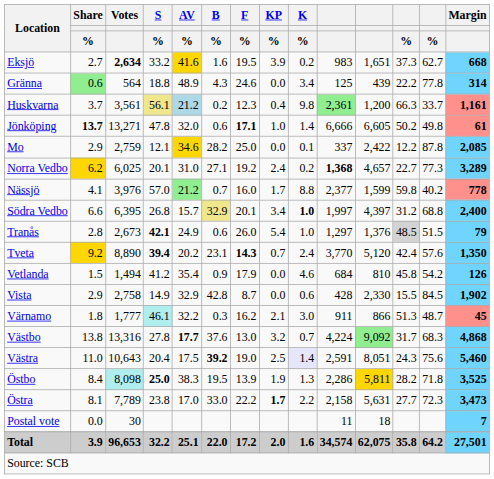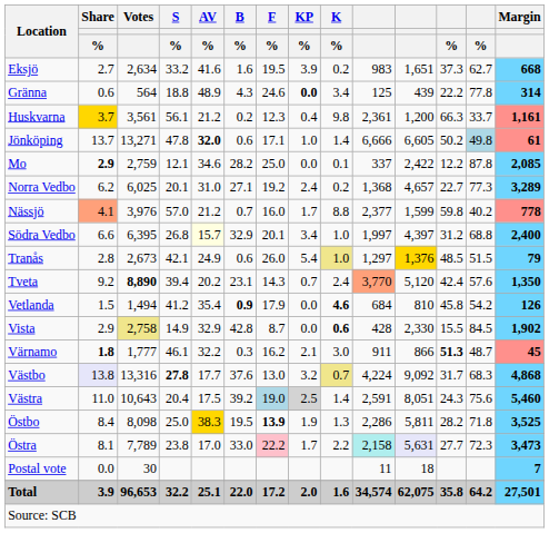 <table class="wikitable sortable" style="text-align:right; font-size:95%; line-height:20px;">
 <tr>
 <th rowspan="3">Location</th>
 <th>Share</th>
 <th>Votes</th>
 <th width="30px" class="unsortable"><a href='#'>S</a></th>
 <th width="30px" class="unsortable"><a href='#'>AV</a></th>
 <th width="30px" class="unsortable"><a href='#'>B</a></th>
 <th width="30px" class="unsortable"><a href='#'>F</a></th>
 <th width="30px" class="unsortable"><a href='#'>KP</a></th>
 <th width="30px" class="unsortable"><a href='#'>K</a></th>
 <th></th>
 <th></th>
 <th></th>
 <th></th>
 <th>Margin</th>
 </tr>
 <tr>
 <th></th>
 <th></th>
 <th style="background:"></th>
 <th style="background:"></th>
 <th style="background:"></th>
 <th style="background:"></th>
 <th style="background:"></th>
 <th style="background:"></th>
 <th style="background:"></th>
 <th style="background:"></th>
 <th style="background:"></th>
 <th style="background:"></th>
 <th></th>
 </tr>
 <tr>
 <th data-sort-type="number">%</th>
 <th></th>
 <th data-sort-type="number">%</th>
 <th data-sort-type="number">%</th>
 <th data-sort-type="number">%</th>
 <th data-sort-type="number">%</th>
 <th data-sort-type="number">%</th>
 <th data-sort-type="number">%</th>
 <th></th>
 <th></th>
 <th data-sort-type="number">%</th>
 <th data-sort-type="number">%</th>
 <th></th>
 </tr>
 <tr>
 <td align=left><a href='#'>Eksjö</a></td>
 <td>2.7</td>
-<td><strong>2,634</strong></td>
+<td>2,634</td>
 <td>33.2</td>
-<td style="background: gold;">41.6</td>
+<td>41.6</td>
 <td>1.6</td>
 <td>19.5</td>
 <td>3.9</td>
 <td>0.2</td>
 <td>983</td>
 <td>1,651</td>
 <td>37.3</td>
 <td>62.7</td>
 <td bgcolor=#6fd5fe><strong>668</strong></td>
 </tr>
 <tr>
 <td align=left><a href='#'>Gränna</a></td>
-<td style="background: lightgreen;">0.6</td>
+<td>0.6</td>
 <td>564</td>
 <td>18.8</td>
 <td>48.9</td>
 <td>4.3</td>
 <td>24.6</td>
-<td>0.0</td>
+<td><strong>0.0</strong></td>
 <td>3.4</td>
 <td>125</td>
 <td>439</td>
 <td>22.2</td>
 <td>77.8</td>
 <td bgcolor=#6fd5fe><strong>314</strong></td>
 </tr>
 <tr>
 <td align=left><a href='#'>Huskvarna</a></td>
-<td>3.7</td>
+<td style="background: gold;">3.7</td>
 <td>3,561</td>
-<td style="background: khaki;">56.1</td>
-<td style="background: lightblue;">21.2</td>
+<td>56.1</td>
+<td>21.2</td>
 <td>0.2</td>
 <td>12.3</td>
 <td>0.4</td>
 <td>9.8</td>
-<td style="background: lightgreen;">2,361</td>
+<td>2,361</td>
 <td>1,200</td>
 <td>66.3</td>
 <td>33.7</td>
 <td bgcolor=#ff908c><strong>1,161</strong></td>
 </tr>
 <tr>
 <td align=left><a href='#'>Jönköping</a></td>
-<td><strong>13.7</strong></td>
+<td>13.7</td>
 <td>13,271</td>
 <td>47.8</td>
-<td>32.0</td>
+<td><strong>32.0</strong></td>
 <td>0.6</td>
-<td><strong>17.1</strong></td>
+<td>17.1</td>
 <td>1.0</td>
 <td>1.4</td>
 <td>6,666</td>
 <td>6,605</td>
 <td>50.2</td>
-<td>49.8</td>
+<td style="background: lightblue;">49.8</td>
 <td bgcolor=#ff908c><strong>61</strong></td>
 </tr>
 <tr>
 <td align=left><a href='#'>Mo</a></td>
-<td>2.9</td>
+<td><strong>2.9</strong></td>
 <td>2,759</td>
 <td>12.1</td>
-<td style="background: gold;">34.6</td>
+<td>34.6</td>
 <td>28.2</td>
 <td>25.0</td>
 <td>0.0</td>
 <td>0.1</td>
 <td>337</td>
 <td>2,422</td>
 <td>12.2</td>
 <td>87.8</td>
 <td bgcolor=#6fd5fe><strong>2,085</strong></td>
 </tr>
 <tr>
 <td align=left><a href='#'>Norra Vedbo</a></td>
-<td style="background: gold;">6.2</td>
+<td>6.2</td>
 <td>6,025</td>
 <td>20.1</td>
 <td>31.0</td>
 <td>27.1</td>
 <td>19.2</td>
 <td>2.4</td>
 <td>0.2</td>
-<td><strong>1,368</strong></td>
+<td>1,368</td>
 <td>4,657</td>
 <td>22.7</td>
 <td>77.3</td>
 <td bgcolor=#6fd5fe><strong>3,289</strong></td>
 </tr>
 <tr>
 <td align=left><a href='#'>Nässjö</a></td>
-<td>4.1</td>
+<td style="background: lightsalmon;">4.1</td>
 <td>3,976</td>
 <td>57.0</td>
-<td style="background: lightgreen;">21.2</td>
+<td>21.2</td>
 <td>0.7</td>
 <td>16.0</td>
 <td>1.7</td>
 <td>8.8</td>
 <td>2,377</td>
 <td>1,599</td>
 <td>59.8</td>
 <td>40.2</td>
 <td bgcolor=#ff908c><strong>778</strong></td>
 </tr>
 <tr>
 <td align=left><a href='#'>Södra Vedbo</a></td>
 <td>6.6</td>
 <td>6,395</td>
 <td>26.8</td>
-<td>15.7</td>
-<td style="background: khaki;">32.9</td>
+<td style="background: lightyellow;">15.7</td>
+<td>32.9</td>
 <td>20.1</td>
 <td>3.4</td>
-<td><strong>1.0</strong></td>
+<td>1.0</td>
 <td>1,997</td>
 <td>4,397</td>
 <td>31.2</td>
 <td>68.8</td>
 <td bgcolor=#6fd5fe><strong>2,400</strong></td>
 </tr>
 <tr>
 <td align=left><a href='#'>Tranås</a></td>
 <td>2.8</td>
 <td>2,673</td>
-<td><strong>42.1</strong></td>
+<td>42.1</td>
 <td>24.9</td>
 <td>0.6</td>
 <td>26.0</td>
 <td>5.4</td>
-<td>1.0</td>
+<td style="background: khaki;">1.0</td>
 <td>1,297</td>
-<td>1,376</td>
-<td style="background: lightgrey;">48.5</td>
+<td style="background: gold;">1,376</td>
+<td>48.5</td>
 <td>51.5</td>
 <td bgcolor=#6fd5fe><strong>79</strong></td>
 </tr>
 <tr>
 <td align=left><a href='#'>Tveta</a></td>
-<td style="background: gold;">9.2</td>
-<td>8,890</td>
-<td><strong>39.4</strong></td>
+<td>9.2</td>
+<td><strong>8,890</strong></td>
+<td>39.4</td>
 <td>20.2</td>
 <td>23.1</td>
-<td><strong>14.3</strong></td>
+<td>14.3</td>
 <td>0.7</td>
 <td>2.4</td>
-<td>3,770</td>
+<td style="background: lightsalmon;">3,770</td>
 <td>5,120</td>
 <td>42.4</td>
 <td>57.6</td>
 <td bgcolor=#6fd5fe><strong>1,350</strong></td>
 </tr>
 <tr>
 <td align=left><a href='#'>Vetlanda</a></td>
 <td>1.5</td>
 <td>1,494</td>
 <td>41.2</td>
 <td>35.4</td>
-<td>0.9</td>
+<td><strong>0.9</strong></td>
 <td>17.9</td>
 <td>0.0</td>
-<td>4.6</td>
+<td><strong>4.6</strong></td>
 <td>684</td>
 <td>810</td>
 <td>45.8</td>
 <td>54.2</td>
 <td bgcolor=#6fd5fe><strong>126</strong></td>
 </tr>
 <tr>
 <td align=left><a href='#'>Vista</a></td>
 <td>2.9</td>
-<td>2,758</td>
+<td style="background: khaki;">2,758</td>
 <td>14.9</td>
 <td>32.9</td>
 <td>42.8</td>
 <td>8.7</td>
 <td>0.0</td>
-<td>0.6</td>
+<td><strong>0.6</strong></td>
 <td>428</td>
 <td>2,330</td>
 <td>15.5</td>
 <td>84.5</td>
 <td bgcolor=#6fd5fe><strong>1,902</strong></td>
 </tr>
 <tr>
 <td align=left><a href='#'>Värnamo</a></td>
-<td>1.8</td>
+<td><strong>1.8</strong></td>
 <td>1,777</td>
-<td style="background: paleturquoise;">46.1</td>
+<td>46.1</td>
 <td>32.2</td>
 <td>0.3</td>
 <td>16.2</td>
 <td>2.1</td>
 <td>3.0</td>
 <td>911</td>
 <td>866</td>
-<td>51.3</td>
+<td><strong>51.3</strong></td>
 <td>48.7</td>
 <td bgcolor=#ff908c><strong>45</strong></td>
 </tr>
 <tr>
 <td align=left><a href='#'>Västbo</a></td>
-<td>13.8</td>
+<td style="background: lavender;">13.8</td>
 <td>13,316</td>
-<td>27.8</td>
-<td><strong>17.7</strong></td>
+<td><strong>27.8</strong></td>
+<td>17.7</td>
 <td>37.6</td>
 <td>13.0</td>
 <td>3.2</td>
-<td>0.7</td>
+<td style="background: khaki;">0.7</td>
 <td>4,224</td>
-<td style="background: lightgreen;">9,092</td>
+<td>9,092</td>
 <td>31.7</td>
 <td>68.3</td>
 <td bgcolor=#6fd5fe><strong>4,868</strong></td>
 </tr>
 <tr>
 <td align=left><a href='#'>Västra</a></td>
 <td>11.0</td>
 <td>10,643</td>
 <td>20.4</td>
 <td>17.5</td>
-<td><strong>39.2</strong></td>
-<td>19.0</td>
-<td>2.5</td>
-<td style="background: lavender;">1.4</td>
+<td>39.2</td>
+<td style="background: lightblue;">19.0</td>
+<td style="background: lightgrey;">2.5</td>
+<td>1.4</td>
 <td>2,591</td>
 <td>8,051</td>
 <td>24.3</td>
 <td>75.6</td>
 <td bgcolor=#6fd5fe><strong>5,460</strong></td>
 </tr>
 <tr>
 <td align=left><a href='#'>Östbo</a></td>
 <td>8.4</td>
-<td style="background: paleturquoise;">8,098</td>
-<td><strong>25.0</strong></td>
-<td>38.3</td>
+<td>8,098</td>
+<td>25.0</td>
+<td style="background: gold;">38.3</td>
 <td>19.5</td>
-<td>13.9</td>
+<td><strong>13.9</strong></td>
 <td>1.9</td>
 <td>1.3</td>
 <td>2,286</td>
-<td style="background: gold;">5,811</td>
+<td>5,811</td>
 <td>28.2</td>
 <td>71.8</td>
 <td bgcolor=#6fd5fe><strong>3,525</strong></td>
 </tr>
 <tr>
 <td align=left><a href='#'>Östra</a></td>
 <td>8.1</td>
 <td>7,789</td>
 <td>23.8</td>
 <td>17.0</td>
 <td>33.0</td>
-<td>22.2</td>
-<td><strong>1.7</strong></td>
+<td style="background: pink;">22.2</td>
+<td>1.7</td>
 <td>2.2</td>
-<td>2,158</td>
-<td>5,631</td>
+<td style="background: paleturquoise;">2,158</td>
+<td style="background: lavender;">5,631</td>
 <td>27.7</td>
 <td>72.3</td>
 <td bgcolor=#6fd5fe><strong>3,473</strong></td>
 </tr>
 <tr>
 <td align=left><a href='#'>Postal vote</a></td>
 <td>0.0</td>
 <td>30</td>
 <td></td>
 <td></td>
 <td></td>
 <td></td>
 <td></td>
 <td></td>
 <td>11</td>
 <td>18</td>
 <td></td>
 <td></td>
 <td bgcolor=#6fd5fe><strong>7</strong></td>
 </tr>
 <tr>
 </tr>
 <tr style="background:#CDCDCD;">
 <td align=left><strong>Total</strong></td>
 <td><strong>3.9</strong></td>
 <td><strong>96,653</strong></td>
 <td><strong>32.2</strong></td>
 <td><strong>25.1</strong></td>
 <td><strong>22.0</strong></td>
 <td><strong>17.2</strong></td>
 <td><strong>2.0</strong></td>
 <td><strong>1.6</strong></td>
 <td><strong>34,574</strong></td>
 <td><strong>62,075</strong></td>
 <td><strong>35.8</strong></td>
 <td><strong>64.2</strong></td>
 <td bgcolor=#6fd5fe><strong>27,501</strong></td>
 </tr>
 <tr>
 <td align=left colspan=14>Source: SCB </td>
 </tr>
 </table>
